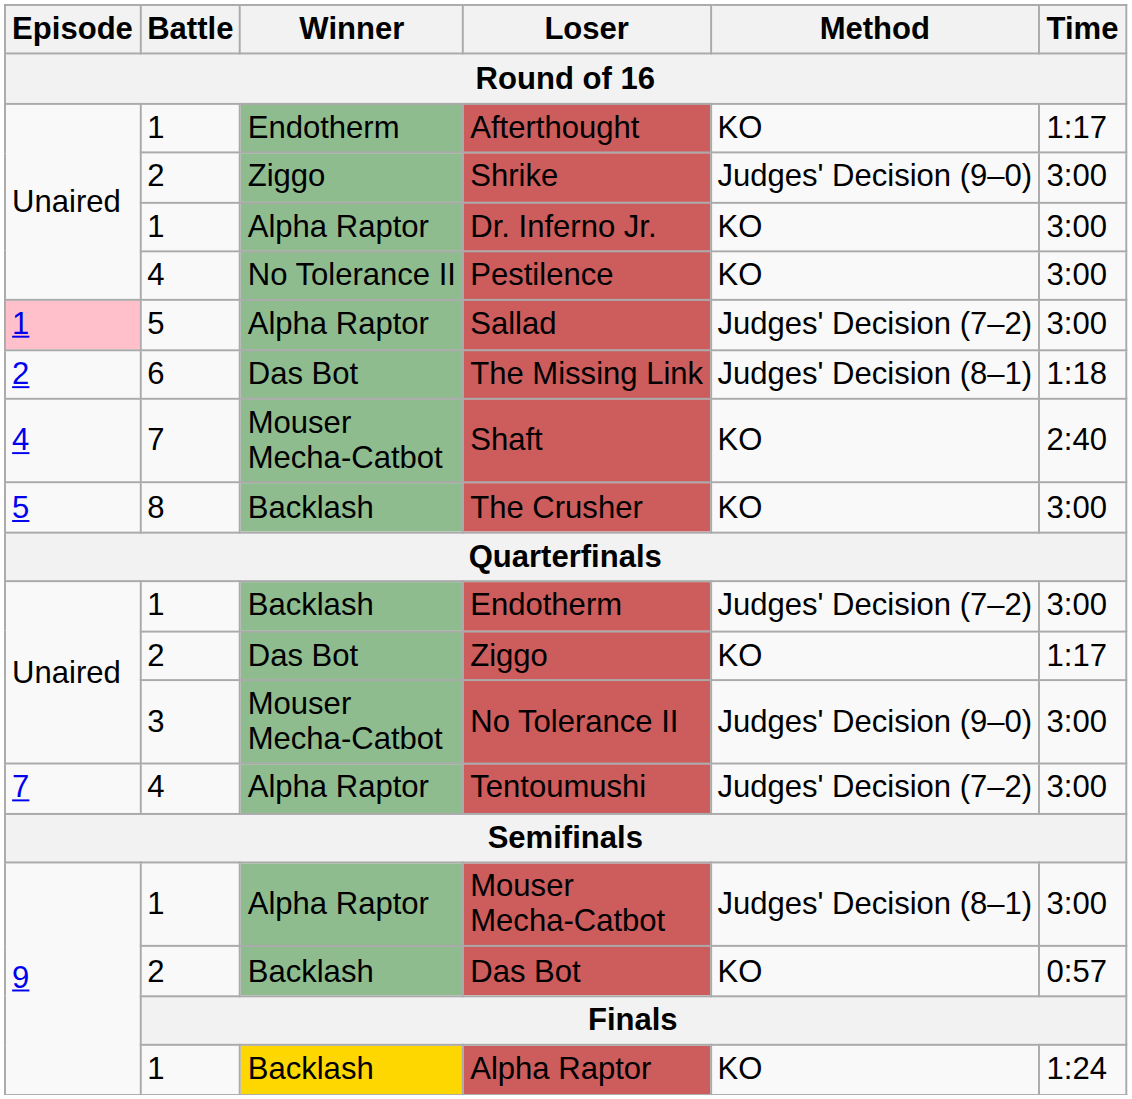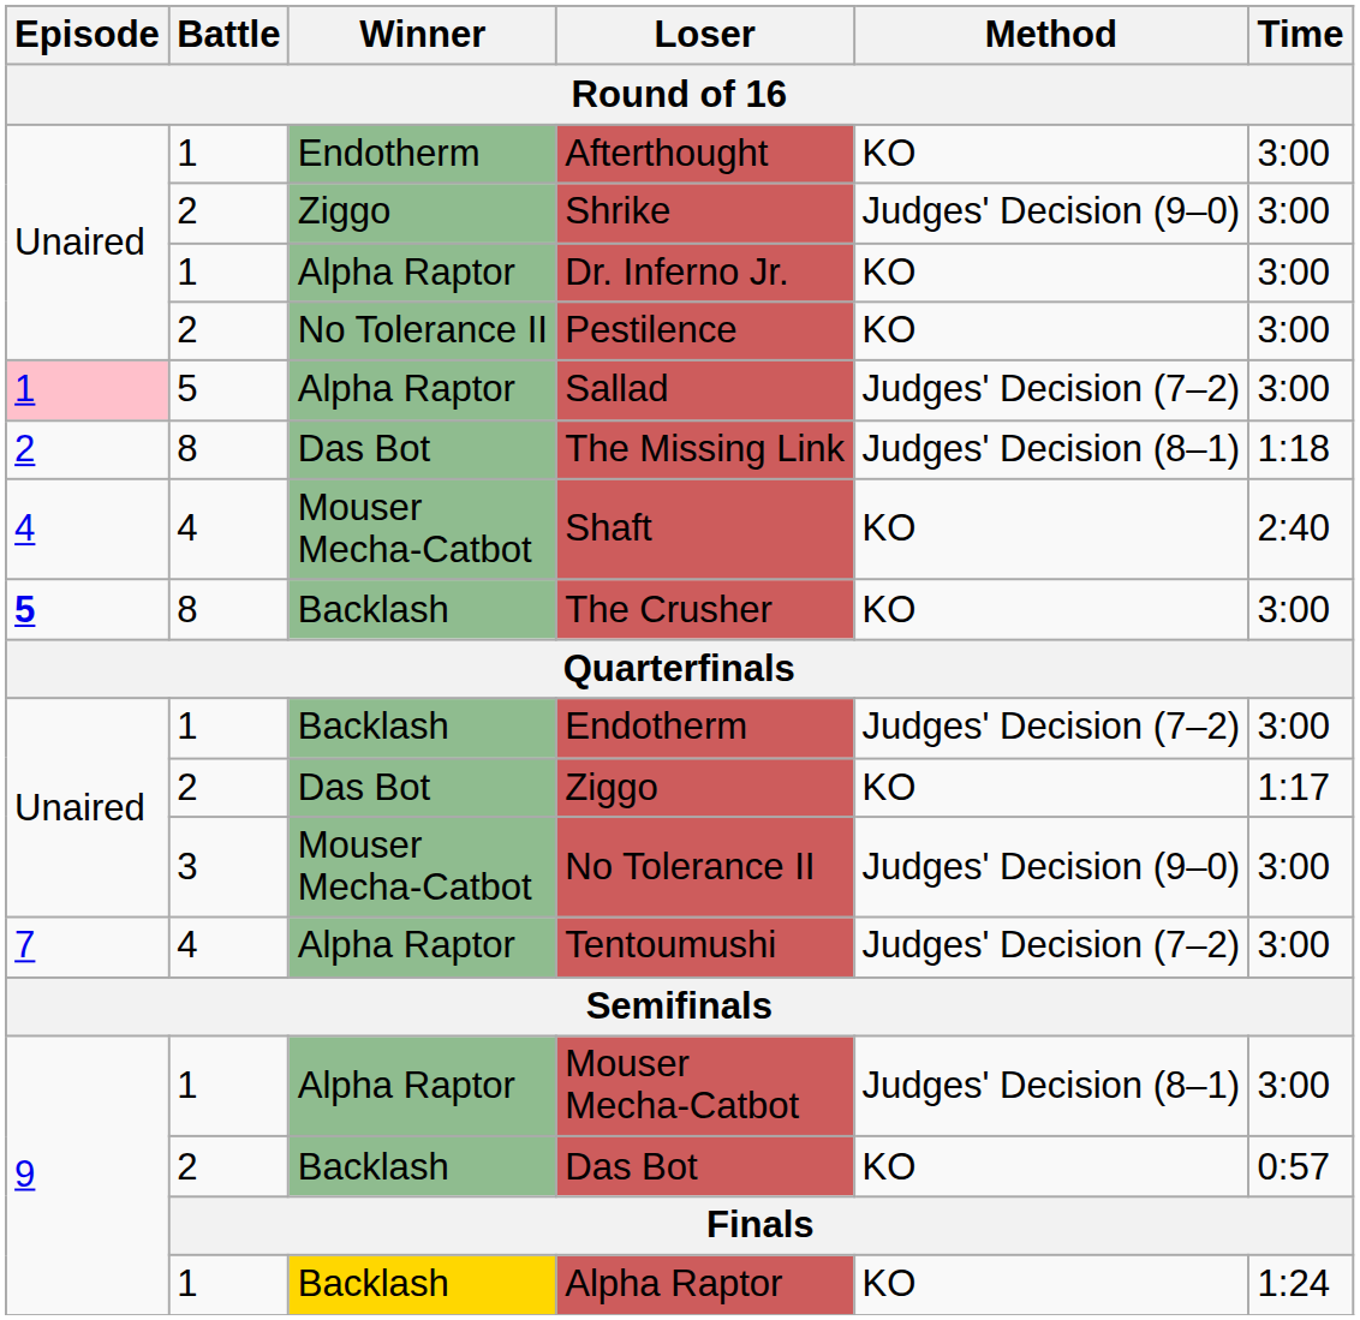 <table class="wikitable">
 <tr>
 <th>Episode</th>
 <th>Battle</th>
 <th>Winner</th>
 <th>Loser</th>
 <th>Method</th>
 <th>Time</th>
 </tr>
 <tr>
 <th colspan="6">Round of 16</th>
 </tr>
 <tr>
 <td rowspan="4">Unaired</td>
 <td>1</td>
 <td style="background:DarkSeaGreen;">Endotherm</td>
 <td style="background:IndianRed;">Afterthought</td>
 <td>KO</td>
-<td>1:17</td>
+<td>3:00</td>
 </tr>
 <tr>
 <td>2</td>
 <td style="background:DarkSeaGreen;">Ziggo</td>
 <td style="background:IndianRed;">Shrike</td>
 <td>Judges' Decision (9–0)</td>
 <td>3:00</td>
 </tr>
 <tr>
 <td>1</td>
 <td style="background:DarkSeaGreen;">Alpha Raptor</td>
 <td style="background:IndianRed;">Dr. Inferno Jr.</td>
 <td>KO</td>
 <td>3:00</td>
 </tr>
 <tr>
-<td>4</td>
+<td>2</td>
 <td style="background:DarkSeaGreen;">No Tolerance II</td>
 <td style="background:IndianRed;">Pestilence</td>
 <td>KO</td>
 <td>3:00</td>
 </tr>
 <tr>
 <td style="background: pink;"><a href='#'>1</a></td>
 <td> 5</td>
 <td style="background:DarkSeaGreen;">Alpha Raptor</td>
 <td style="background:IndianRed;">Sallad</td>
 <td>Judges' Decision (7–2)</td>
 <td>3:00</td>
 </tr>
 <tr>
 <td><a href='#'>2</a></td>
-<td>6</td>
+<td>8</td>
 <td style="background:DarkSeaGreen;">Das Bot</td>
 <td style="background:IndianRed;">The Missing Link</td>
 <td>Judges' Decision (8–1)</td>
 <td>1:18</td>
 </tr>
 <tr>
 <td><a href='#'>4</a></td>
-<td>7</td>
+<td>4</td>
 <td style="background:DarkSeaGreen;">Mouser<br>Mecha-Catbot</td>
 <td style="background:IndianRed;">Shaft</td>
 <td>KO</td>
 <td>2:40</td>
 </tr>
 <tr>
-<td><a href='#'>5</a></td>
+<td><strong><a href='#'>5</a></strong></td>
 <td>8</td>
 <td style="background:DarkSeaGreen;">Backlash</td>
 <td style="background:IndianRed;">The Crusher</td>
 <td>KO</td>
 <td>3:00</td>
 </tr>
 <tr>
 <th colspan="6">Quarterfinals</th>
 </tr>
 <tr>
 <td rowspan="3">Unaired</td>
 <td>1</td>
 <td style="background:DarkSeaGreen;">Backlash</td>
 <td style="background:IndianRed;">Endotherm</td>
 <td>Judges' Decision (7–2)</td>
 <td>3:00</td>
 </tr>
 <tr>
 <td>2</td>
 <td style="background:DarkSeaGreen;">Das Bot</td>
 <td style="background:IndianRed;">Ziggo</td>
 <td>KO</td>
 <td>1:17</td>
 </tr>
 <tr>
 <td>3</td>
 <td style="background:DarkSeaGreen;">Mouser<br>Mecha-Catbot</td>
 <td style="background:IndianRed;">No Tolerance II</td>
 <td>Judges' Decision (9–0)</td>
 <td>3:00</td>
 </tr>
 <tr>
 <td><a href='#'>7</a></td>
 <td>4</td>
 <td style="background:DarkSeaGreen;">Alpha Raptor</td>
 <td style="background:IndianRed;">Tentoumushi</td>
 <td>Judges' Decision (7–2)</td>
 <td>3:00</td>
 </tr>
 <tr>
 <th colspan="6">Semifinals</th>
 </tr>
 <tr>
 <td rowspan="4"><a href='#'>9</a></td>
 <td>1</td>
 <td style="background:DarkSeaGreen;">Alpha Raptor</td>
 <td style="background:IndianRed;">Mouser<br>Mecha-Catbot</td>
 <td>Judges' Decision (8–1)</td>
 <td>3:00</td>
 </tr>
 <tr>
 <td>2</td>
 <td style="background:DarkSeaGreen;">Backlash</td>
 <td style="background:IndianRed;">Das Bot</td>
 <td>KO</td>
 <td>0:57</td>
 </tr>
 <tr>
 <th colspan="5">Finals</th>
 </tr>
 <tr>
 <td>1</td>
 <td style="background:Gold;">Backlash</td>
 <td style="background:IndianRed;">Alpha Raptor</td>
 <td>KO</td>
 <td>1:24</td>
 </tr>
 <tr>
 </tr>
 </table>
